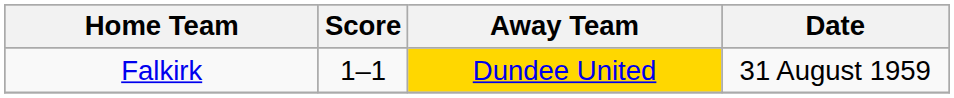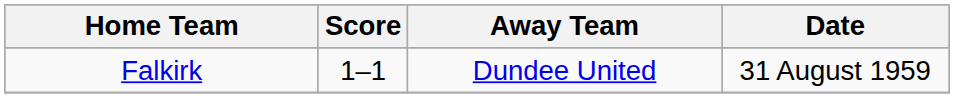 <table class="wikitable" style="text-align:center;">
 <tr>
 <th width=175>Home Team</th>
 <th width=20>Score</th>
 <th width=175>Away Team</th>
 <th width= 125>Date</th>
 </tr>
 <tr>
 <td><a href='#'>Falkirk</a></td>
 <td>1–1</td>
-<td style="background: gold;"><a href='#'>Dundee United</a></td>
+<td><a href='#'>Dundee United</a></td>
 <td>31 August 1959</td>
 </tr>
 <tr>
 </tr>
 </table>
